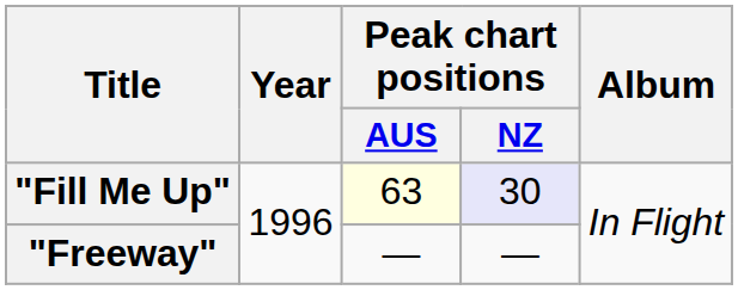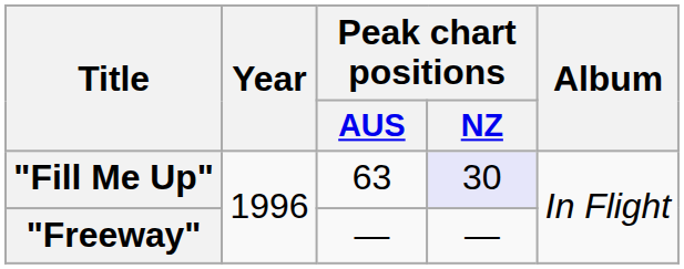 <table class="wikitable plainrowheaders" style="text-align:center;">
 <tr>
 <th scope="col" rowspan="2">Title</th>
 <th scope="col" rowspan="2">Year</th>
 <th scope="col" colspan="2">Peak chart positions</th>
 <th scope="col" rowspan="2">Album</th>
 </tr>
 <tr>
 <th scope="col" style="width:3em;font-size:90%;"><a href='#'>AUS</a><br></th>
 <th scope="col" style="width:3em;font-size:90%;"><a href='#'>NZ</a><br></th>
 </tr>
 <tr>
 <th scope="row">"Fill Me Up"</th>
 <td rowspan="2">1996</td>
-<td style="background: lightyellow;">63</td>
+<td>63</td>
 <td style="background: lavender;">30</td>
 <td rowspan="2"><em>In Flight</em></td>
 </tr>
 <tr>
 <th scope="row">"Freeway"</th>
 <td>—</td>
 <td>—</td>
 </tr>
 </table>
